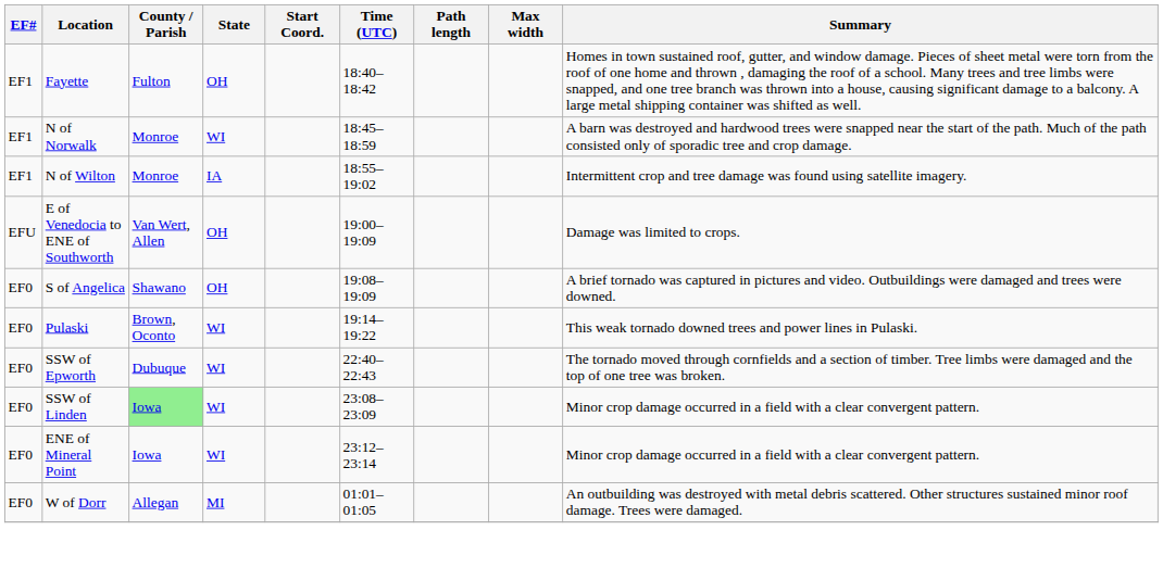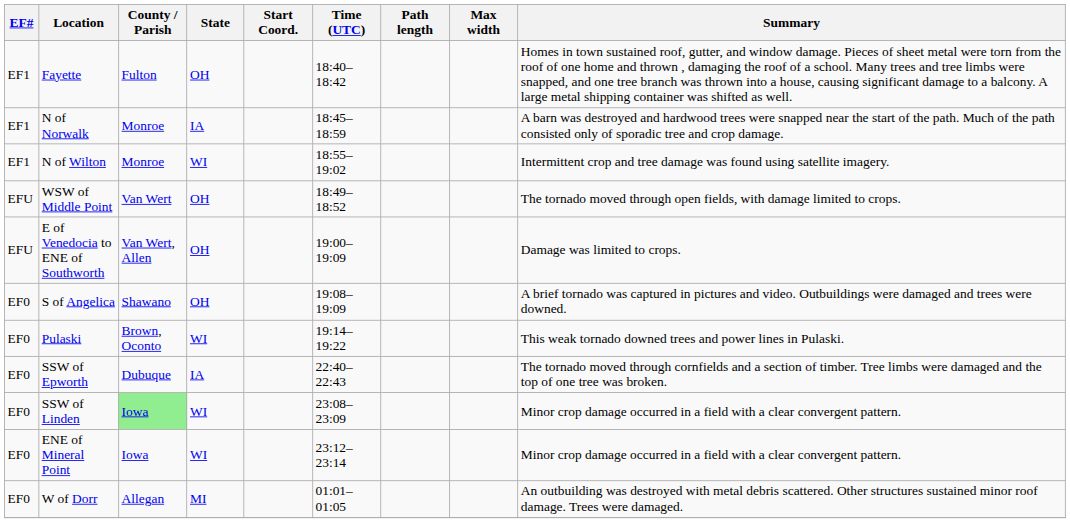 <table class="wikitable sortable" style="width:100%;">
 <tr>
 <th scope="col"  style="width:3%; text-align:center;"><a href='#'>EF#</a></th>
 <th scope="col"  style="width:7%; text-align:center;" class="unsortable">Location</th>
 <th scope="col"  style="width:6%; text-align:center;" class="unsortable">County / Parish</th>
 <th scope="col"  style="width:5%; text-align:center;">State</th>
 <th scope="col"  style="width:6%; text-align:center;">Start Coord.</th>
 <th scope="col"  style="width:6%; text-align:center;">Time (<a href='#'>UTC</a>)</th>
 <th scope="col"  style="width:6%; text-align:center;">Path length</th>
 <th scope="col"  style="width:6%; text-align:center;">Max width</th>
 <th scope="col" class="unsortable" style="width:48%; text-align:center;">Summary</th>
 </tr>
 <tr>
 <td>EF1</td>
 <td><a href='#'>Fayette</a></td>
 <td><a href='#'>Fulton</a></td>
 <td><a href='#'>OH</a></td>
 <td></td>
 <td>18:40–18:42</td>
 <td></td>
 <td></td>
 <td>Homes in town sustained roof, gutter, and window damage. Pieces of sheet metal were torn from the roof of one home and thrown , damaging the roof of a school. Many trees and tree limbs were snapped, and one tree branch was thrown into a house, causing significant damage to a balcony. A large metal shipping container was shifted  as well.</td>
 </tr>
 <tr>
 <td>EF1</td>
 <td>N of <a href='#'>Norwalk</a></td>
 <td><a href='#'>Monroe</a></td>
-<td><a href='#'>WI</a></td>
+<td><a href='#'>IA</a></td>
 <td></td>
 <td>18:45–18:59</td>
 <td></td>
 <td></td>
 <td>A barn was destroyed and hardwood trees were snapped near the start of the path. Much of the path consisted only of sporadic tree and crop damage.</td>
 </tr>
 <tr>
 <td>EF1</td>
 <td>N of <a href='#'>Wilton</a></td>
 <td><a href='#'>Monroe</a></td>
-<td><a href='#'>IA</a></td>
+<td><a href='#'>WI</a></td>
 <td></td>
 <td>18:55–19:02</td>
 <td></td>
 <td></td>
 <td>Intermittent crop and tree damage was found using satellite imagery.</td>
+</tr>
+<tr>
+<td>EFU</td>
+<td>WSW of <a href='#'>Middle Point</a></td>
+<td><a href='#'>Van Wert</a></td>
+<td><a href='#'>OH</a></td>
+<td></td>
+<td>18:49–18:52</td>
+<td></td>
+<td></td>
+<td>The tornado moved through open fields, with damage limited to crops.</td>
 </tr>
 <tr>
 <td>EFU</td>
 <td>E of <a href='#'>Venedocia</a> to ENE of <a href='#'>Southworth</a></td>
 <td><a href='#'>Van Wert</a>, <a href='#'>Allen</a></td>
 <td><a href='#'>OH</a></td>
 <td></td>
 <td>19:00–19:09</td>
 <td></td>
 <td></td>
 <td>Damage was limited to crops.</td>
 </tr>
 <tr>
 <td>EF0</td>
 <td>S of <a href='#'>Angelica</a></td>
 <td><a href='#'>Shawano</a></td>
 <td><a href='#'>OH</a></td>
 <td></td>
 <td>19:08–19:09</td>
 <td></td>
 <td></td>
 <td>A brief tornado was captured in pictures and video. Outbuildings were damaged and trees were downed.</td>
 </tr>
 <tr>
 <td>EF0</td>
 <td><a href='#'>Pulaski</a></td>
 <td><a href='#'>Brown</a>, <a href='#'>Oconto</a></td>
 <td><a href='#'>WI</a></td>
 <td></td>
 <td>19:14–19:22</td>
 <td></td>
 <td></td>
 <td>This weak tornado downed trees and power lines in Pulaski.</td>
 </tr>
 <tr>
 <td>EF0</td>
 <td>SSW of <a href='#'>Epworth</a></td>
 <td><a href='#'>Dubuque</a></td>
-<td><a href='#'>WI</a></td>
+<td><a href='#'>IA</a></td>
 <td></td>
 <td>22:40–22:43</td>
 <td></td>
 <td></td>
 <td>The tornado moved through cornfields and a section of timber. Tree limbs were damaged and the top of one tree was broken.</td>
 </tr>
 <tr>
 <td>EF0</td>
 <td>SSW of <a href='#'>Linden</a></td>
 <td style="background: lightgreen;"><a href='#'>Iowa</a></td>
 <td><a href='#'>WI</a></td>
 <td></td>
 <td>23:08–23:09</td>
 <td></td>
 <td></td>
 <td>Minor crop damage occurred in a field with a clear convergent pattern.</td>
 </tr>
 <tr>
 <td>EF0</td>
 <td>ENE of <a href='#'>Mineral Point</a></td>
 <td><a href='#'>Iowa</a></td>
 <td><a href='#'>WI</a></td>
 <td></td>
 <td>23:12–23:14</td>
 <td></td>
 <td></td>
 <td>Minor crop damage occurred in a field with a clear convergent pattern.</td>
 </tr>
 <tr>
 <td>EF0</td>
 <td>W of <a href='#'>Dorr</a></td>
 <td><a href='#'>Allegan</a></td>
 <td><a href='#'>MI</a></td>
 <td></td>
 <td>01:01–01:05</td>
 <td></td>
 <td></td>
 <td>An outbuilding was destroyed with metal debris scattered. Other structures sustained minor roof damage. Trees were damaged.</td>
 </tr>
 <tr>
 </tr>
 </table>
